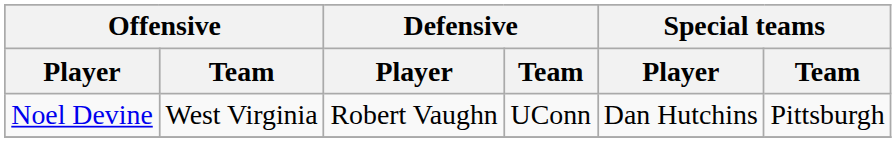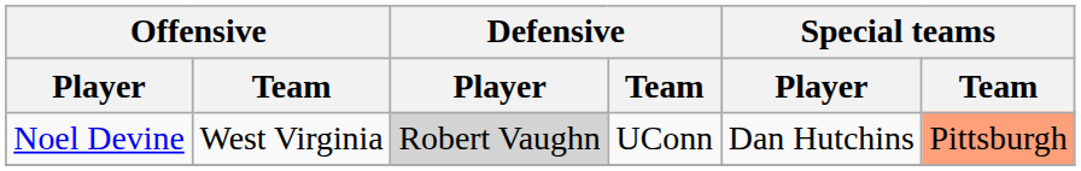 <table class="wikitable" border="1">
 <tr>
 <th colspan="2">Offensive</th>
 <th colspan="2">Defensive</th>
 <th colspan="2">Special teams</th>
 </tr>
 <tr>
 <th>Player</th>
 <th>Team</th>
 <th>Player</th>
 <th>Team</th>
 <th>Player</th>
 <th>Team</th>
 </tr>
 <tr>
 <td><a href='#'>Noel Devine</a></td>
 <td>West Virginia</td>
-<td>Robert Vaughn</td>
+<td style="background: lightgrey;">Robert Vaughn</td>
 <td>UConn</td>
 <td>Dan Hutchins</td>
-<td>Pittsburgh</td>
+<td style="background: lightsalmon;">Pittsburgh</td>
 </tr>
 <tr>
 </tr>
 </table>
